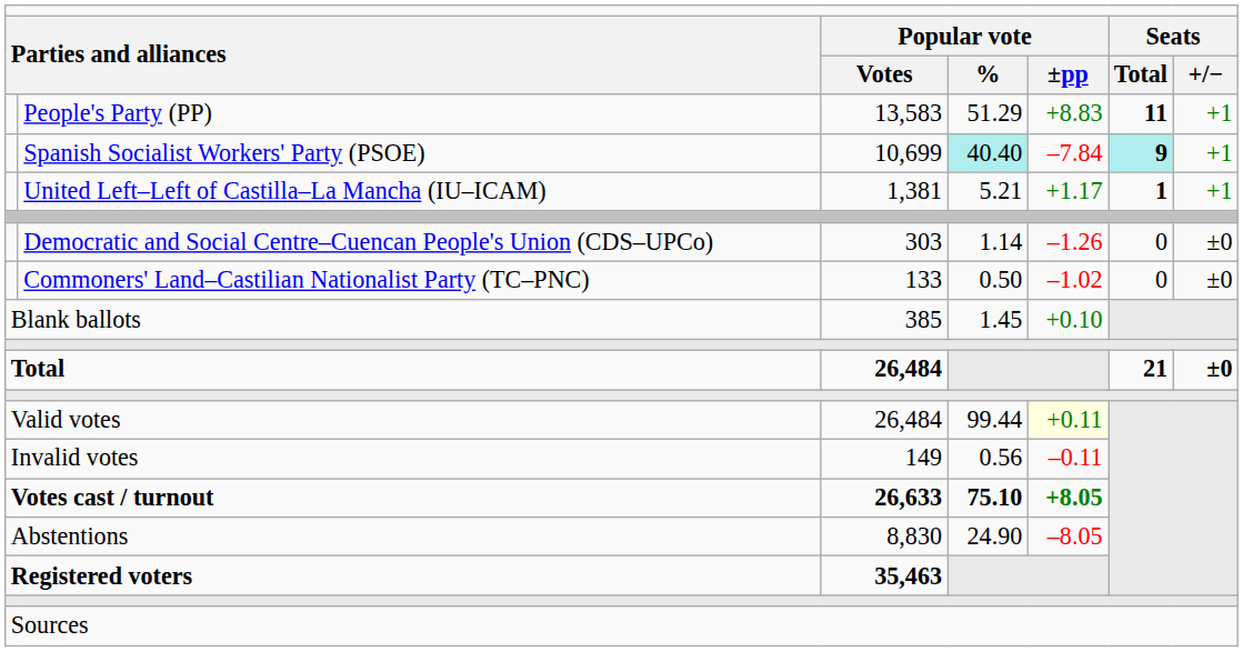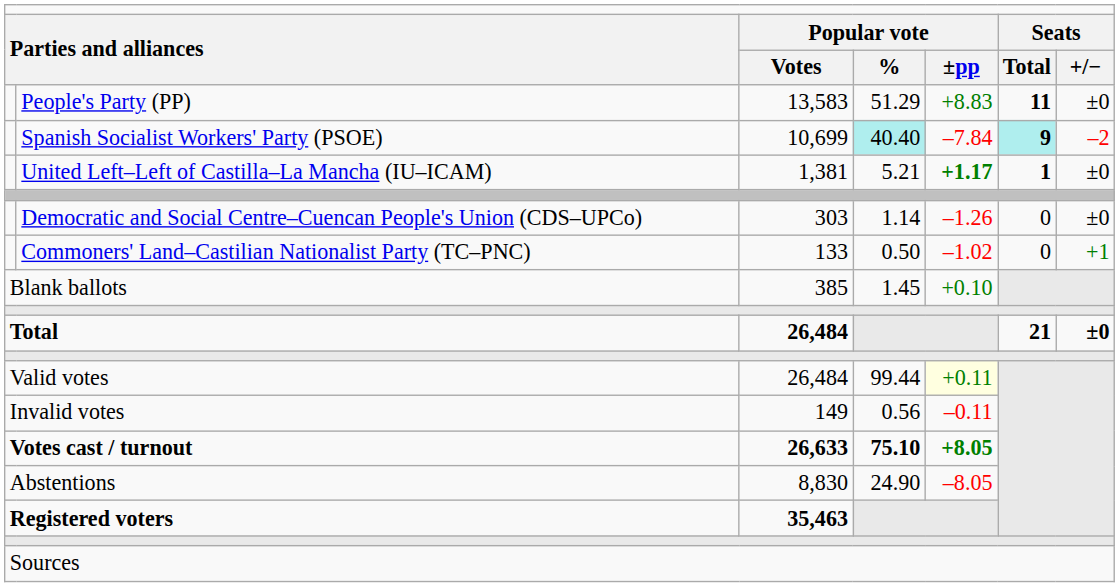 <table class="wikitable" style="text-align:right;">
 <tr>
 <td colspan="7"></td>
 </tr>
 <tr>
 <th style="text-align:left;" rowspan="2" colspan="2" width="525">Parties and alliances</th>
 <th colspan="3">Popular vote</th>
 <th colspan="2">Seats</th>
 </tr>
 <tr>
 <th width="75">Votes</th>
 <th width="45">%</th>
 <th width="45">±<a href='#'>pp</a></th>
 <th width="35">Total</th>
 <th width="35">+/−</th>
 </tr>
 <tr>
 <td width="1" style="color:inherit;background:"></td>
 <td align="left"><a href='#'>People's Party</a> (PP)</td>
 <td>13,583</td>
 <td>51.29</td>
 <td style="color:green;">+8.83</td>
 <td><strong>11</strong></td>
-<td style="color:green;">+1</td>
+<td>±0</td>
 </tr>
 <tr>
 <td style="color:inherit;background:"></td>
 <td align="left"><a href='#'>Spanish Socialist Workers' Party</a> (PSOE)</td>
 <td>10,699</td>
 <td style="background: paleturquoise;">40.40</td>
 <td style="color:red;">–7.84</td>
 <td style="background: paleturquoise;"><strong>9</strong></td>
-<td style="color:green;">+1</td>
+<td style="color:red;">–2</td>
 </tr>
 <tr>
 <td style="color:inherit;background:"></td>
 <td align="left"><a href='#'>United Left–Left of Castilla–La Mancha</a> (IU–ICAM)</td>
 <td>1,381</td>
 <td>5.21</td>
-<td style="color:green;">+1.17</td>
+<td style="color:green;"><strong>+1.17</strong></td>
 <td><strong>1</strong></td>
-<td style="color:green;">+1</td>
+<td>±0</td>
 </tr>
 <tr>
 <td colspan="7" bgcolor="#C0C0C0"></td>
 </tr>
 <tr>
 <td style="color:inherit;background:"></td>
 <td align="left"><a href='#'>Democratic and Social Centre–Cuencan People's Union</a> (CDS–UPCo)</td>
 <td>303</td>
 <td>1.14</td>
 <td style="color:red;">–1.26</td>
 <td>0</td>
 <td>±0</td>
 </tr>
 <tr>
 <td style="color:inherit;background:"></td>
 <td align="left"><a href='#'>Commoners' Land–Castilian Nationalist Party</a> (TC–PNC)</td>
 <td>133</td>
 <td>0.50</td>
 <td style="color:red;">–1.02</td>
 <td>0</td>
-<td>±0</td>
+<td style="color:green;">+1</td>
 </tr>
 <tr>
 <td align="left" colspan="2">Blank ballots</td>
 <td>385</td>
 <td>1.45</td>
 <td style="color:green;">+0.10</td>
 <td bgcolor="#E9E9E9" colspan="2"></td>
 </tr>
 <tr>
 <td colspan="7" bgcolor="#E9E9E9"></td>
 </tr>
 <tr style="font-weight:bold;">
 <td align="left" colspan="2">Total</td>
 <td>26,484</td>
 <td bgcolor="#E9E9E9" colspan="2"></td>
 <td>21</td>
 <td>±0</td>
 </tr>
 <tr>
 <td colspan="7" bgcolor="#E9E9E9"></td>
 </tr>
 <tr>
 <td align="left" colspan="2">Valid votes</td>
 <td>26,484</td>
 <td>99.44</td>
 <td style="background: lightyellow; color:green;">+0.11</td>
 <td bgcolor="#E9E9E9" colspan="2" rowspan="5"></td>
 </tr>
 <tr>
 <td align="left" colspan="2">Invalid votes</td>
 <td>149</td>
 <td>0.56</td>
 <td style="color:red;">–0.11</td>
 </tr>
 <tr style="font-weight:bold;">
 <td align="left" colspan="2">Votes cast / turnout</td>
 <td>26,633</td>
 <td>75.10</td>
 <td style="color:green;">+8.05</td>
 </tr>
 <tr>
 <td align="left" colspan="2">Abstentions</td>
 <td>8,830</td>
 <td>24.90</td>
 <td style="color:red;">–8.05</td>
 </tr>
 <tr style="font-weight:bold;">
 <td align="left" colspan="2">Registered voters</td>
 <td>35,463</td>
 <td bgcolor="#E9E9E9" colspan="2"></td>
 </tr>
 <tr>
 <td colspan="7" bgcolor="#E9E9E9"></td>
 </tr>
 <tr>
 <td align="left" colspan="7">Sources</td>
 </tr>
 </table>
